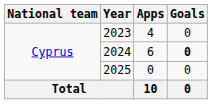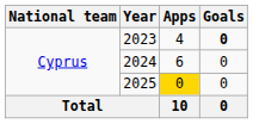 <table class="wikitable" style="text-align: center;">
 <tr>
 <th>National team</th>
 <th>Year</th>
 <th>Apps</th>
 <th>Goals</th>
 </tr>
 <tr>
 <td rowspan="3"><a href='#'>Cyprus</a></td>
 <td>2023</td>
 <td>4</td>
-<td>0</td>
+<td><strong>0</strong></td>
 </tr>
 <tr>
 <td>2024</td>
 <td>6</td>
-<td><strong>0</strong></td>
+<td>0</td>
 </tr>
 <tr>
 <td>2025</td>
-<td>0</td>
+<td style="background: gold;">0</td>
 <td>0</td>
 </tr>
 <tr>
 <th colspan="2">Total</th>
 <th>10</th>
 <th>0</th>
 </tr>
 </table>
